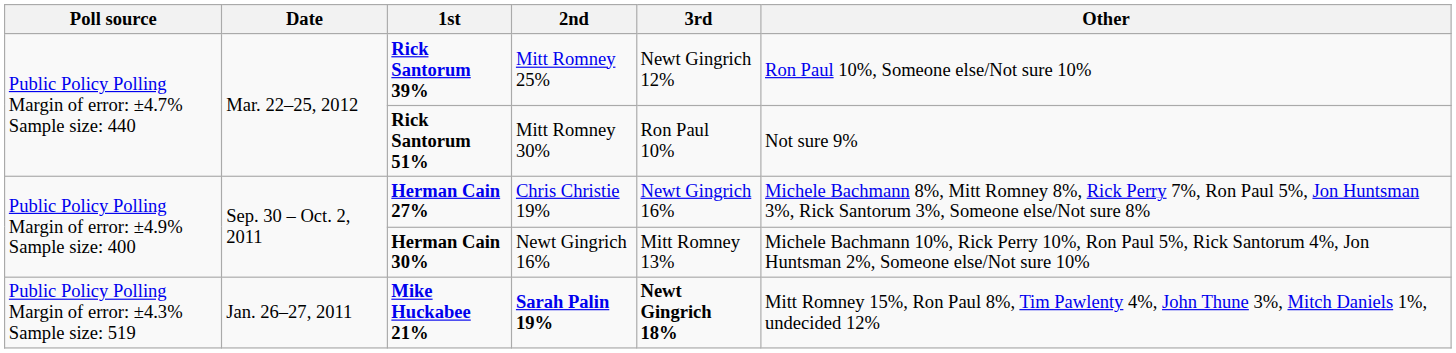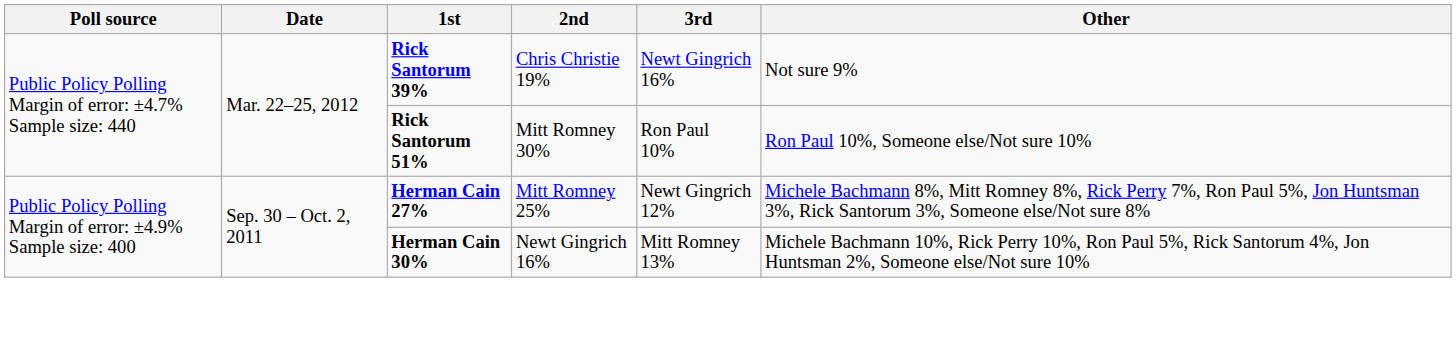 <table class="wikitable">
 <tr>
 <th style="width:180px;">Poll source</th>
 <th style="width:135px;">Date</th>
 <th style="width:100px;">1st</th>
 <th style="width:100px;">2nd</th>
 <th style="width:100px;">3rd</th>
 <th>Other</th>
 </tr>
 <tr>
 <td rowspan=2><a href='#'>Public Policy Polling</a><br>Margin of error: ±4.7% <br>Sample size: 440</td>
 <td rowspan=2>Mar. 22–25, 2012</td>
 <td><strong><a href='#'>Rick Santorum</a><br>39%</strong></td>
-<td><a href='#'>Mitt Romney</a><br>25%</td>
-<td>Newt Gingrich<br>12%</td>
-<td><a href='#'>Ron Paul</a> 10%, Someone else/Not sure 10%</td>
+<td><a href='#'>Chris Christie</a><br>19%</td>
+<td><a href='#'>Newt Gingrich</a><br>16%</td>
+<td>Not sure 9%</td>
 </tr>
 <tr>
 <td><strong>Rick Santorum<br>51%</strong></td>
 <td>Mitt Romney<br>30%</td>
 <td>Ron Paul<br>10%</td>
-<td>Not sure 9%</td>
+<td><a href='#'>Ron Paul</a> 10%, Someone else/Not sure 10%</td>
 </tr>
 <tr>
 <td rowspan=2><a href='#'>Public Policy Polling</a><br>Margin of error: ±4.9% <br>Sample size: 400</td>
 <td rowspan=2>Sep. 30 – Oct. 2, 2011</td>
 <td><strong><a href='#'>Herman Cain</a><br>27%</strong></td>
-<td><a href='#'>Chris Christie</a><br>19%</td>
-<td><a href='#'>Newt Gingrich</a><br>16%</td>
+<td><a href='#'>Mitt Romney</a><br>25%</td>
+<td>Newt Gingrich<br>12%</td>
 <td><a href='#'>Michele Bachmann</a> 8%, Mitt Romney 8%, <a href='#'>Rick Perry</a> 7%, Ron Paul 5%, <a href='#'>Jon Huntsman</a> 3%, Rick Santorum 3%, Someone else/Not sure 8%</td>
 </tr>
 <tr>
 <td><strong>Herman Cain<br>30%</strong></td>
 <td>Newt Gingrich<br>16%</td>
 <td>Mitt Romney<br>13%</td>
 <td>Michele Bachmann 10%, Rick Perry 10%, Ron Paul 5%, Rick Santorum 4%, Jon Huntsman 2%, Someone else/Not sure 10%</td>
 </tr>
-<tr>
-<td><a href='#'>Public Policy Polling</a><br>Margin of error: ±4.3% <br>Sample size: 519</td>
-<td>Jan. 26–27, 2011</td>
-<td><strong><a href='#'>Mike Huckabee</a><br>21%</strong></td>
-<td><strong><a href='#'>Sarah Palin</a><br>19%</strong></td>
-<td><strong>Newt Gingrich<br>18%</strong></td>
-<td>Mitt Romney 15%, Ron Paul 8%, <a href='#'>Tim Pawlenty</a> 4%, <a href='#'>John Thune</a> 3%, <a href='#'>Mitch Daniels</a> 1%, undecided 12%</td>
-</tr>
 </table>
